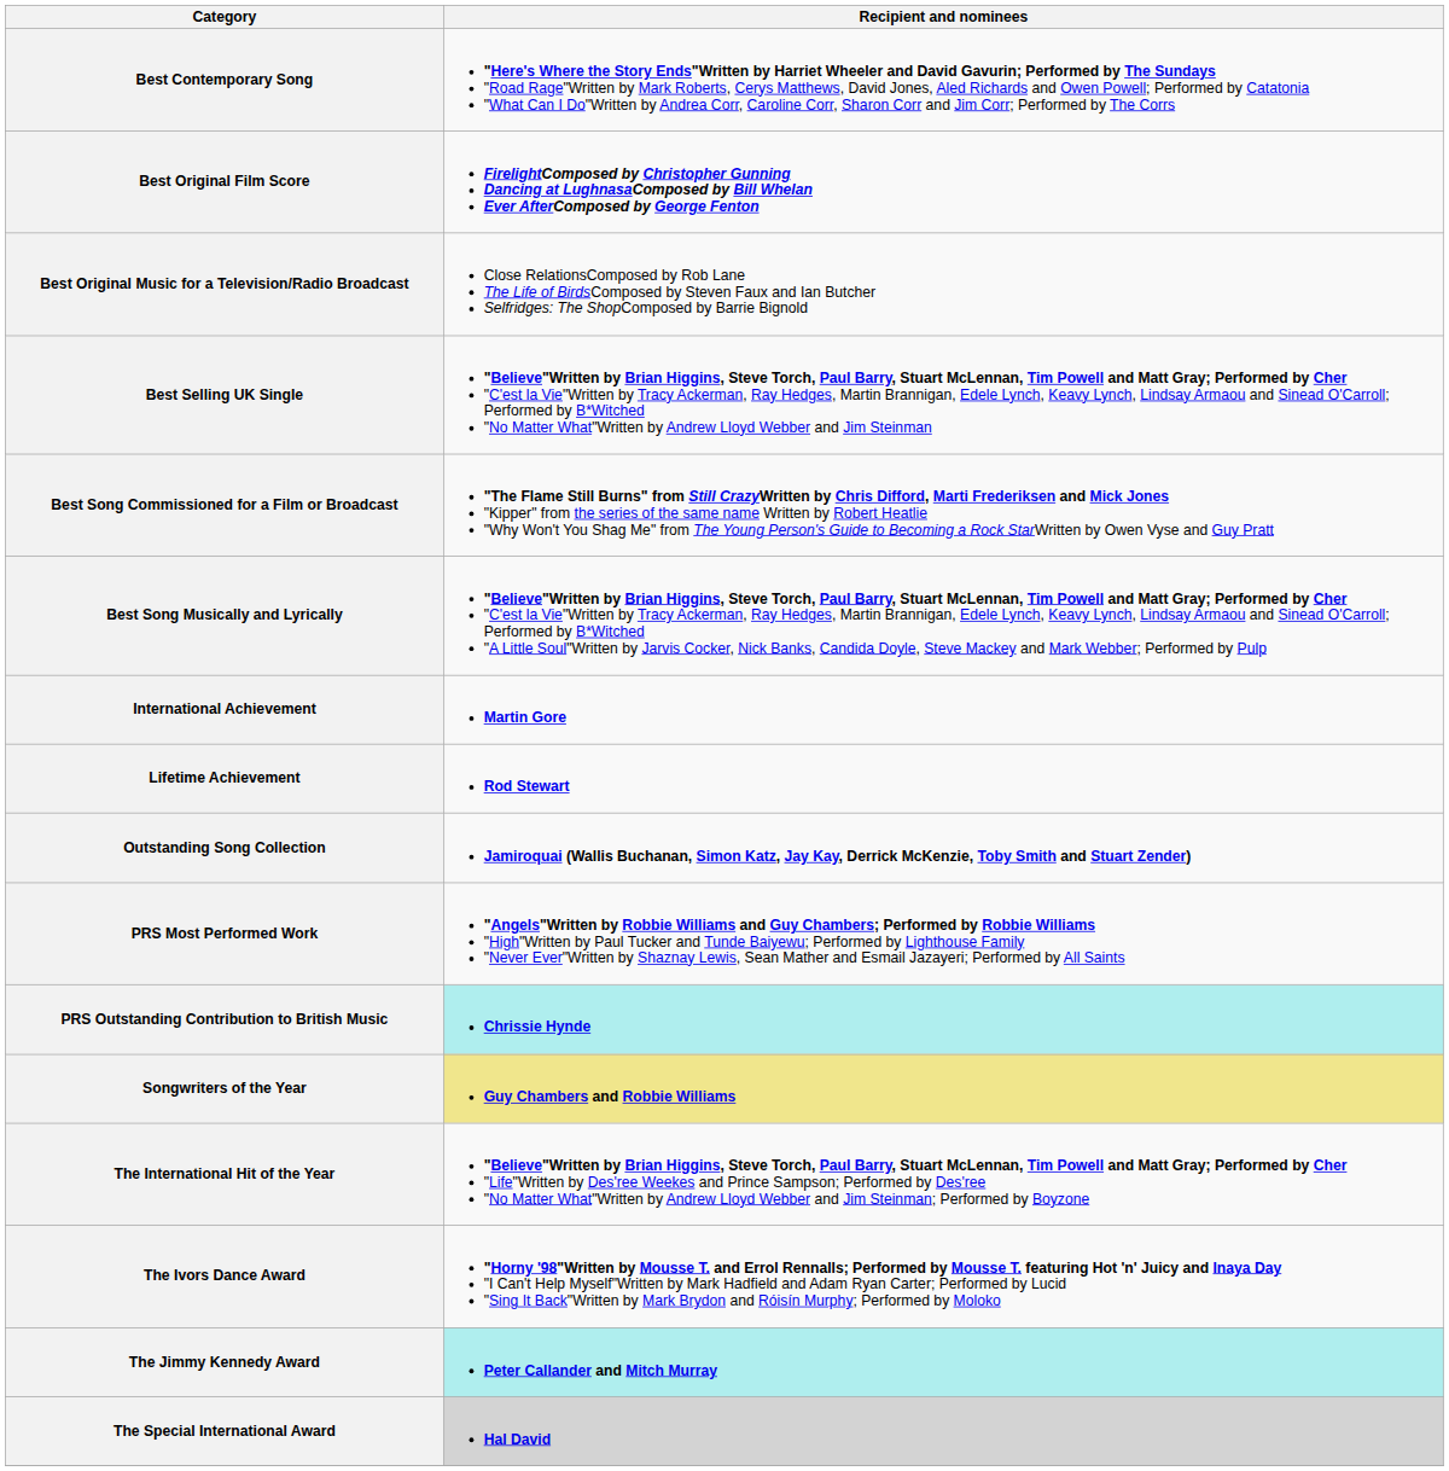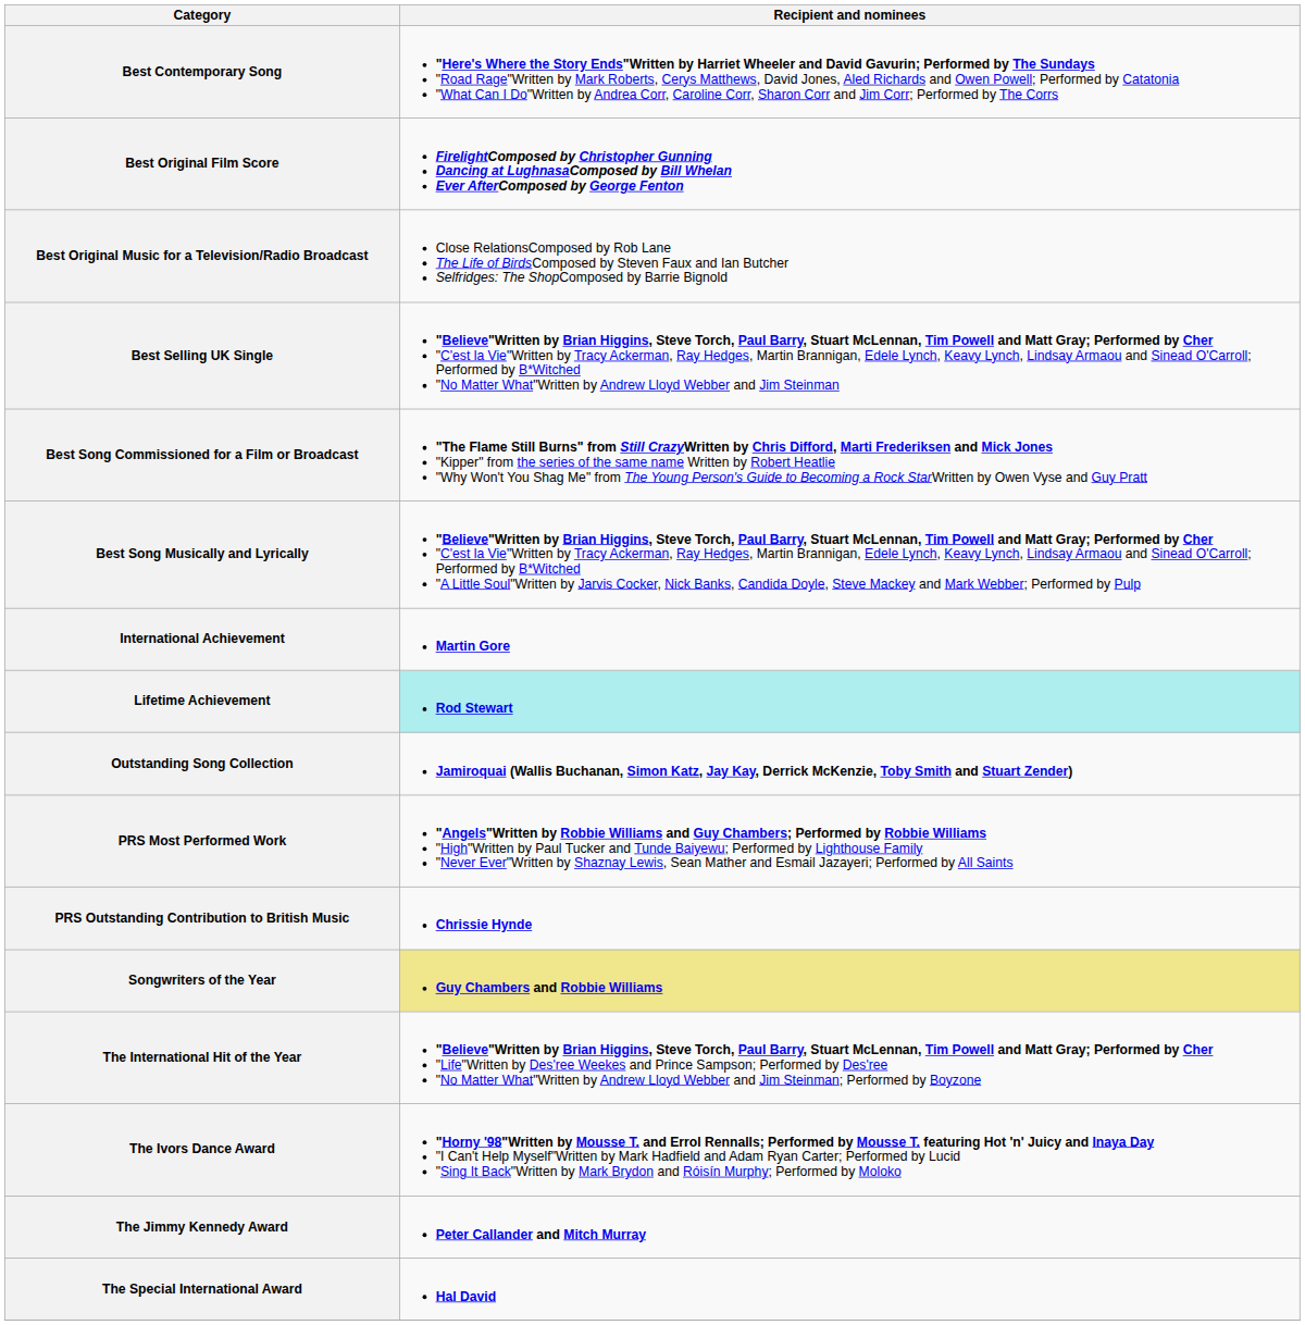 <table class="wikitable">
 <tr>
 <th width="25%">Category</th>
 <th width="57%">Recipient and nominees</th>
 </tr>
 <tr>
 <th scope="row">Best Contemporary Song</th>
 <td><br><ul><li><strong>"<a href='#'>Here's Where the Story Ends</a>"Written by Harriet Wheeler and David Gavurin; Performed by <a href='#'>The Sundays</a></strong></li><li>"<a href='#'>Road Rage</a>"Written by <a href='#'>Mark Roberts</a>, <a href='#'>Cerys Matthews</a>, David Jones, <a href='#'>Aled Richards</a> and <a href='#'>Owen Powell</a>; Performed by <a href='#'>Catatonia</a></li><li>"<a href='#'>What Can I Do</a>"Written by <a href='#'>Andrea Corr</a>, <a href='#'>Caroline Corr</a>, <a href='#'>Sharon Corr</a> and <a href='#'>Jim Corr</a>; Performed by <a href='#'>The Corrs</a></li></ul></td>
 </tr>
 <tr>
 <th scope="row">Best Original Film Score</th>
 <td><br><ul><li><strong><em><a href='#'>Firelight</a><em>Composed by <a href='#'>Christopher Gunning</a><strong></li><li></em><a href='#'>Dancing at Lughnasa</a><em>Composed by <a href='#'>Bill Whelan</a></li><li></em><a href='#'>Ever After</a><em>Composed by <a href='#'>George Fenton</a></li></ul></td>
 </tr>
 <tr>
 <th scope="row">Best Original Music for a Television/Radio Broadcast</th>
 <td><br><ul><li></em></strong>Close Relations</em>Composed by Rob Lane</strong></li><li><em><a href='#'>The Life of Birds</a></em>Composed by Steven Faux and Ian Butcher</li><li><em>Selfridges: The Shop</em>Composed by Barrie Bignold</li></ul></td>
 </tr>
 <tr>
 <th scope="row">Best Selling UK Single</th>
 <td><br><ul><li><strong>"<a href='#'>Believe</a>"Written by <a href='#'>Brian Higgins</a>, Steve Torch, <a href='#'>Paul Barry</a>, Stuart McLennan, <a href='#'>Tim Powell</a> and Matt Gray; Performed by <a href='#'>Cher</a></strong></li><li>"<a href='#'>C'est la Vie</a>"Written by <a href='#'>Tracy Ackerman</a>, <a href='#'>Ray Hedges</a>, Martin Brannigan, <a href='#'>Edele Lynch</a>, <a href='#'>Keavy Lynch</a>, <a href='#'>Lindsay Armaou</a> and <a href='#'>Sinead O'Carroll</a>; Performed by <a href='#'>B*Witched</a></li><li>"<a href='#'>No Matter What</a>"Written by <a href='#'>Andrew Lloyd Webber</a> and <a href='#'>Jim Steinman</a></li></ul></td>
 </tr>
 <tr>
 <th scope="row">Best Song Commissioned for a Film or Broadcast</th>
 <td><br><ul><li><strong>"The Flame Still Burns" from <em><a href='#'>Still Crazy</a></em>Written by <a href='#'>Chris Difford</a>, <a href='#'>Marti Frederiksen</a> and <a href='#'>Mick Jones</a></strong></li><li>"Kipper" from <a href='#'>the series of the same name</a> Written by <a href='#'>Robert Heatlie</a></li><li>"Why Won't You Shag Me" from <em><a href='#'>The Young Person's Guide to Becoming a Rock Star</a></em>Written by Owen Vyse and <a href='#'>Guy Pratt</a></li></ul></td>
 </tr>
 <tr>
 <th scope="row">Best Song Musically and Lyrically</th>
 <td><br><ul><li><strong>"<a href='#'>Believe</a>"Written by <a href='#'>Brian Higgins</a>, Steve Torch, <a href='#'>Paul Barry</a>, Stuart McLennan, <a href='#'>Tim Powell</a> and Matt Gray; Performed by <a href='#'>Cher</a></strong></li><li>"<a href='#'>C'est la Vie</a>"Written by <a href='#'>Tracy Ackerman</a>, <a href='#'>Ray Hedges</a>, Martin Brannigan, <a href='#'>Edele Lynch</a>, <a href='#'>Keavy Lynch</a>, <a href='#'>Lindsay Armaou</a> and <a href='#'>Sinead O'Carroll</a>; Performed by <a href='#'>B*Witched</a></li><li>"<a href='#'>A Little Soul</a>"Written by <a href='#'>Jarvis Cocker</a>, <a href='#'>Nick Banks</a>, <a href='#'>Candida Doyle</a>, <a href='#'>Steve Mackey</a> and <a href='#'>Mark Webber</a>; Performed by <a href='#'>Pulp</a></li></ul></td>
 </tr>
 <tr>
 <th scope="row">International Achievement</th>
 <td><br><ul><li><strong><a href='#'>Martin Gore</a></strong></li></ul></td>
 </tr>
 <tr>
 <th scope="row">Lifetime Achievement</th>
-<td><br><ul><li><strong><a href='#'>Rod Stewart</a></strong></li></ul></td>
+<td style="background: paleturquoise;"><br><ul><li><strong><a href='#'>Rod Stewart</a></strong></li></ul></td>
 </tr>
 <tr>
 <th scope="row">Outstanding Song Collection</th>
 <td><br><ul><li><strong><a href='#'>Jamiroquai</a> (Wallis Buchanan, <a href='#'>Simon Katz</a>, <a href='#'>Jay Kay</a>, Derrick McKenzie, <a href='#'>Toby Smith</a> and <a href='#'>Stuart Zender</a>)</strong></li></ul></td>
 </tr>
 <tr>
 <th scope="row">PRS Most Performed Work</th>
 <td><br><ul><li><strong>"<a href='#'>Angels</a>"Written by <a href='#'>Robbie Williams</a> and <a href='#'>Guy Chambers</a>; Performed by <a href='#'>Robbie Williams</a></strong></li><li>"<a href='#'>High</a>"Written by Paul Tucker and <a href='#'>Tunde Baiyewu</a>; Performed by <a href='#'>Lighthouse Family</a></li><li>"<a href='#'>Never Ever</a>"Written by <a href='#'>Shaznay Lewis</a>, Sean Mather and Esmail Jazayeri; Performed by <a href='#'>All Saints</a></li></ul></td>
 </tr>
 <tr>
 <th scope="row">PRS Outstanding Contribution to British Music</th>
-<td style="background: paleturquoise;"><br><ul><li><strong><a href='#'>Chrissie Hynde</a></strong></li></ul></td>
+<td><br><ul><li><strong><a href='#'>Chrissie Hynde</a></strong></li></ul></td>
 </tr>
 <tr>
 <th scope="row">Songwriters of the Year</th>
 <td style="background: khaki;"><br><ul><li><strong><a href='#'>Guy Chambers</a> and <a href='#'>Robbie Williams</a></strong></li></ul></td>
 </tr>
 <tr>
 <th scope="row">The International Hit of the Year</th>
 <td><br><ul><li><strong>"<a href='#'>Believe</a>"Written by <a href='#'>Brian Higgins</a>, Steve Torch, <a href='#'>Paul Barry</a>, Stuart McLennan, <a href='#'>Tim Powell</a> and Matt Gray; Performed by <a href='#'>Cher</a></strong></li><li>"<a href='#'>Life</a>"Written by <a href='#'>Des'ree Weekes</a> and Prince Sampson; Performed by <a href='#'>Des'ree</a></li><li>"<a href='#'>No Matter What</a>"Written by <a href='#'>Andrew Lloyd Webber</a> and <a href='#'>Jim Steinman</a>; Performed by <a href='#'>Boyzone</a></li></ul></td>
 </tr>
 <tr>
 <th scope="row">The Ivors Dance Award</th>
 <td><br><ul><li><strong>"<a href='#'>Horny '98</a>"Written by <a href='#'>Mousse T.</a> and Errol Rennalls; Performed by <a href='#'>Mousse T.</a> featuring Hot 'n' Juicy and <a href='#'>Inaya Day</a></strong></li><li>"I Can't Help Myself"Written by Mark Hadfield and Adam Ryan Carter; Performed by Lucid</li><li>"<a href='#'>Sing It Back</a>"Written by <a href='#'>Mark Brydon</a> and <a href='#'>Róisín Murphy</a>; Performed by <a href='#'>Moloko</a></li></ul></td>
 </tr>
 <tr>
 <th scope="row">The Jimmy Kennedy Award</th>
-<td style="background: paleturquoise;"><br><ul><li><strong><a href='#'>Peter Callander</a> and <a href='#'>Mitch Murray</a></strong></li></ul></td>
+<td><br><ul><li><strong><a href='#'>Peter Callander</a> and <a href='#'>Mitch Murray</a></strong></li></ul></td>
 </tr>
 <tr>
 <th scope="row">The Special International Award</th>
-<td style="background: lightgrey;"><br><ul><li><strong><a href='#'>Hal David</a></strong></li></ul></td>
+<td><br><ul><li><strong><a href='#'>Hal David</a></strong></li></ul></td>
 </tr>
 <tr>
 </tr>
 </table>
